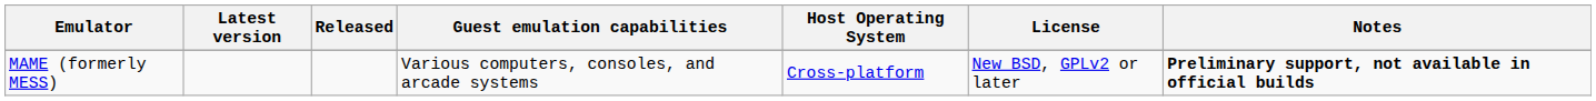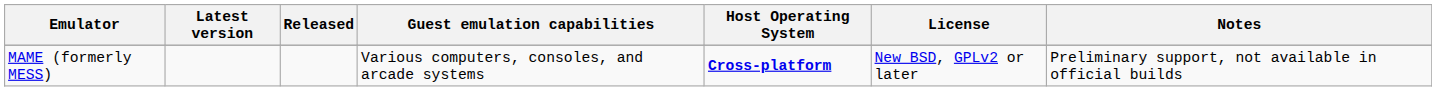 <table class="wikitable sortable" style="width:100%">
 <tr>
 <th>Emulator</th>
 <th>Latest version</th>
 <th>Released</th>
 <th>Guest emulation capabilities</th>
 <th>Host Operating System</th>
 <th>License</th>
 <th>Notes</th>
 </tr>
 <tr>
 </tr>
 <tr>
 <td><a href='#'>MAME</a> (formerly <a href='#'>MESS</a>)</td>
 <td></td>
 <td></td>
 <td>Various computers, consoles, and arcade systems</td>
-<td><a href='#'>Cross-platform</a></td>
+<td><strong><a href='#'>Cross-platform</a></strong></td>
 <td><a href='#'>New BSD</a>, <a href='#'>GPLv2</a> or later</td>
-<td><strong>Preliminary support, not available in official builds</strong></td>
+<td>Preliminary support, not available in official builds</td>
 </tr>
 </table>
